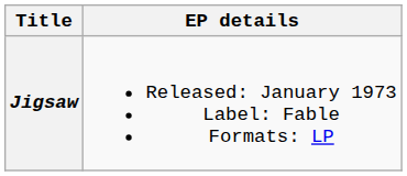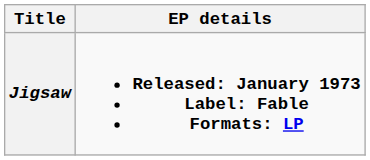 <table class="wikitable plainrowheaders" style="text-align:center;" border="1">
 <tr>
 <th>Title</th>
 <th>EP details</th>
 </tr>
 <tr>
 <th scope="row"><em>Jigsaw</em></th>
-<td><br><ul><li>Released: January 1973</li><li>Label: Fable </li><li>Formats: <a href='#'>LP</a></li></ul></td>
+<td><strong><br><ul><li>Released: January 1973</li><li>Label: Fable </li><li>Formats: <a href='#'>LP</a></li></ul></strong></td>
 </tr>
 </table>
